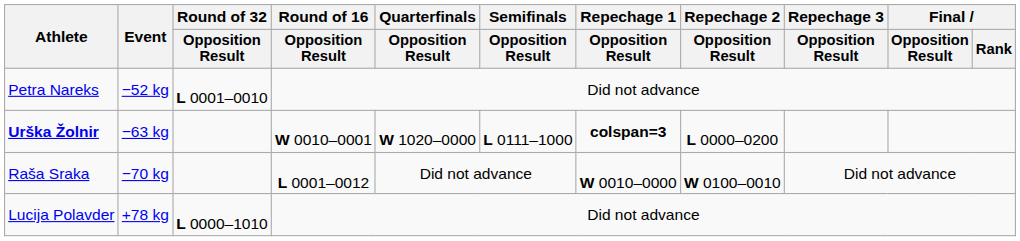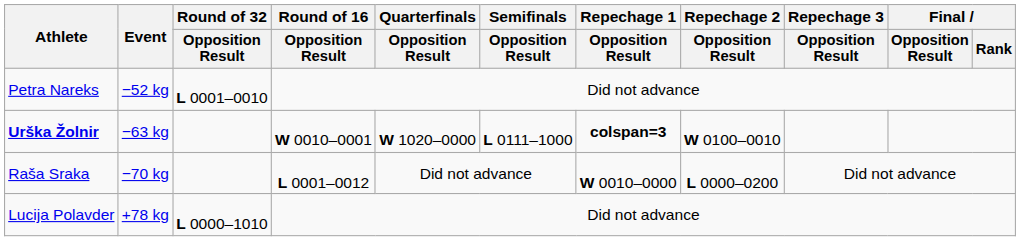 <table class="wikitable" style="font-size:90%">
 <tr>
 <th rowspan="2">Athlete</th>
 <th rowspan="2">Event</th>
 <th>Round of 32</th>
 <th>Round of 16</th>
 <th>Quarterfinals</th>
 <th>Semifinals</th>
 <th>Repechage 1</th>
 <th>Repechage 2</th>
 <th>Repechage 3</th>
 <th colspan=2>Final / </th>
 </tr>
 <tr style="font-size:95%">
 <th>Opposition<br>Result</th>
 <th>Opposition<br>Result</th>
 <th>Opposition<br>Result</th>
 <th>Opposition<br>Result</th>
 <th>Opposition<br>Result</th>
 <th>Opposition<br>Result</th>
 <th>Opposition<br>Result</th>
 <th>Opposition<br>Result</th>
 <th>Rank</th>
 </tr>
 <tr align=center>
 <td align=left><a href='#'>Petra Nareks</a></td>
 <td align=left><a href='#'>−52 kg</a></td>
 <td><br><strong>L</strong> 0001–0010</td>
 <td colspan=8>Did not advance</td>
 </tr>
 <tr align=center>
 <td align=left><strong><a href='#'>Urška Žolnir</a></strong></td>
 <td align=left><a href='#'>−63 kg</a></td>
 <td></td>
 <td><br><strong>W</strong> 0010–0001</td>
 <td><br><strong>W</strong> 1020–0000</td>
 <td><br><strong>L</strong> 0111–1000</td>
 <td><strong>colspan=3 </strong></td>
-<td><br><strong>L</strong> 0000–0200</td>
+<td><br><strong>W</strong> 0100–0010</td>
 <td></td>
 </tr>
 <tr align=center>
 <td align=left><a href='#'>Raša Sraka</a></td>
 <td align=left><a href='#'>−70 kg</a></td>
 <td></td>
 <td><br><strong>L</strong> 0001–0012</td>
 <td colspan=2>Did not advance</td>
 <td><br><strong>W</strong> 0010–0000</td>
-<td><br><strong>W</strong> 0100–0010</td>
+<td><br><strong>L</strong> 0000–0200</td>
 <td colspan=3>Did not advance</td>
 </tr>
 <tr align=center>
 <td align=left><a href='#'>Lucija Polavder</a></td>
 <td align=left><a href='#'>+78 kg</a></td>
 <td><br><strong>L</strong> 0000–1010</td>
 <td colspan=8>Did not advance</td>
 </tr>
 </table>
